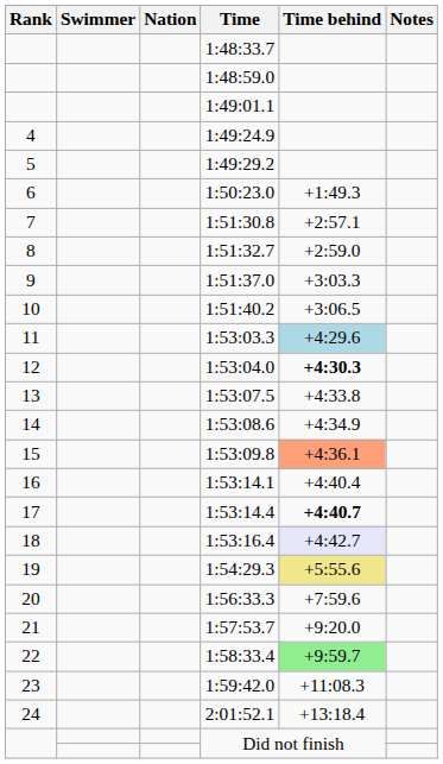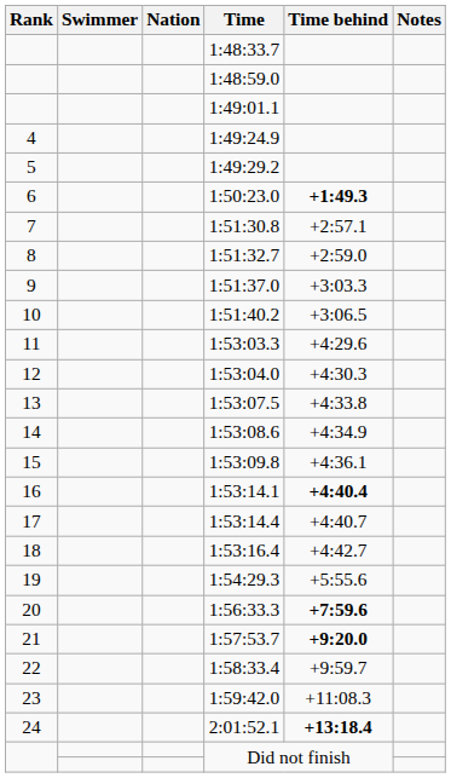 <table class="wikitable sortable" style="text-align:center">
 <tr>
 <th>Rank</th>
 <th>Swimmer</th>
 <th>Nation</th>
 <th>Time</th>
 <th>Time behind</th>
 <th>Notes</th>
 </tr>
 <tr>
 <td></td>
 <td align=left></td>
 <td align=left></td>
 <td>1:48:33.7</td>
 <td></td>
 <td></td>
 </tr>
 <tr>
 <td></td>
 <td align=left></td>
 <td align=left></td>
 <td>1:48:59.0</td>
 <td></td>
 <td></td>
 </tr>
 <tr>
 <td></td>
 <td align=left></td>
 <td align=left></td>
 <td>1:49:01.1</td>
 <td></td>
 <td></td>
 </tr>
 <tr>
 <td>4</td>
 <td align=left></td>
 <td align=left></td>
 <td>1:49:24.9</td>
 <td></td>
 <td></td>
 </tr>
 <tr>
 <td>5</td>
 <td align=left></td>
 <td align=left></td>
 <td>1:49:29.2</td>
 <td></td>
 <td></td>
 </tr>
 <tr>
 <td>6</td>
 <td align=left></td>
 <td align=left></td>
 <td>1:50:23.0</td>
-<td>+1:49.3</td>
+<td><strong>+1:49.3</strong></td>
 <td></td>
 </tr>
 <tr>
 <td>7</td>
 <td align=left></td>
 <td align=left></td>
 <td>1:51:30.8</td>
 <td>+2:57.1</td>
 <td></td>
 </tr>
 <tr>
 <td>8</td>
 <td align=left></td>
 <td align=left></td>
 <td>1:51:32.7</td>
 <td>+2:59.0</td>
 <td></td>
 </tr>
 <tr>
 <td>9</td>
 <td align=left></td>
 <td align=left></td>
 <td>1:51:37.0</td>
 <td>+3:03.3</td>
 <td></td>
 </tr>
 <tr>
 <td>10</td>
 <td align=left></td>
 <td align=left></td>
 <td>1:51:40.2</td>
 <td>+3:06.5</td>
 <td></td>
 </tr>
 <tr>
 <td>11</td>
 <td align=left></td>
 <td align=left></td>
 <td>1:53:03.3</td>
-<td style="background: lightblue;">+4:29.6</td>
+<td>+4:29.6</td>
 <td></td>
 </tr>
 <tr>
 <td>12</td>
 <td align=left></td>
 <td align=left></td>
 <td>1:53:04.0</td>
-<td><strong>+4:30.3</strong></td>
+<td>+4:30.3</td>
 <td></td>
 </tr>
 <tr>
 <td>13</td>
 <td align=left></td>
 <td align=left></td>
 <td>1:53:07.5</td>
 <td>+4:33.8</td>
 <td></td>
 </tr>
 <tr>
 <td>14</td>
 <td align=left></td>
 <td align=left></td>
 <td>1:53:08.6</td>
 <td>+4:34.9</td>
 <td></td>
 </tr>
 <tr>
 <td>15</td>
 <td align=left></td>
 <td align=left></td>
 <td>1:53:09.8</td>
-<td style="background: lightsalmon;">+4:36.1</td>
+<td>+4:36.1</td>
 <td></td>
 </tr>
 <tr>
 <td>16</td>
 <td align=left></td>
 <td align=left></td>
 <td>1:53:14.1</td>
-<td>+4:40.4</td>
+<td><strong>+4:40.4</strong></td>
 <td></td>
 </tr>
 <tr>
 <td>17</td>
 <td align=left></td>
 <td align=left></td>
 <td>1:53:14.4</td>
-<td><strong>+4:40.7</strong></td>
+<td>+4:40.7</td>
 <td></td>
 </tr>
 <tr>
 <td>18</td>
 <td align=left></td>
 <td align=left></td>
 <td>1:53:16.4</td>
-<td style="background: lavender;">+4:42.7</td>
+<td>+4:42.7</td>
 <td></td>
 </tr>
 <tr>
 <td>19</td>
 <td align=left></td>
 <td align=left></td>
 <td>1:54:29.3</td>
-<td style="background: khaki;">+5:55.6</td>
+<td>+5:55.6</td>
 <td></td>
 </tr>
 <tr>
 <td>20</td>
 <td align=left></td>
 <td align=left></td>
 <td>1:56:33.3</td>
-<td>+7:59.6</td>
+<td><strong>+7:59.6</strong></td>
 <td></td>
 </tr>
 <tr>
 <td>21</td>
 <td align=left></td>
 <td align=left></td>
 <td>1:57:53.7</td>
-<td>+9:20.0</td>
+<td><strong>+9:20.0</strong></td>
 <td></td>
 </tr>
 <tr>
 <td>22</td>
 <td align=left></td>
 <td align=left></td>
 <td>1:58:33.4</td>
-<td style="background: lightgreen;">+9:59.7</td>
+<td>+9:59.7</td>
 <td></td>
 </tr>
 <tr>
 <td>23</td>
 <td align=left></td>
 <td align=left></td>
 <td>1:59:42.0</td>
 <td>+11:08.3</td>
 <td></td>
 </tr>
 <tr>
 <td>24</td>
 <td align=left></td>
 <td align=left></td>
 <td>2:01:52.1</td>
-<td>+13:18.4</td>
+<td><strong>+13:18.4</strong></td>
 <td></td>
 </tr>
 <tr>
 <td rowspan=2></td>
 <td align=left></td>
 <td align=left></td>
 <td colspan=2 rowspan=2>Did not finish</td>
 <td></td>
 </tr>
 <tr>
 <td align=left></td>
 <td align=left></td>
 <td></td>
 </tr>
 </table>
